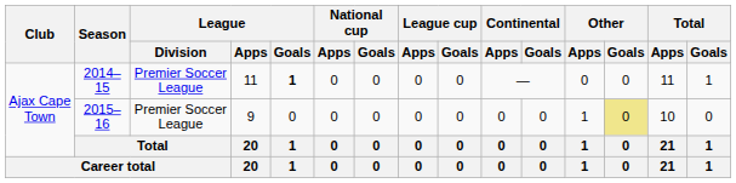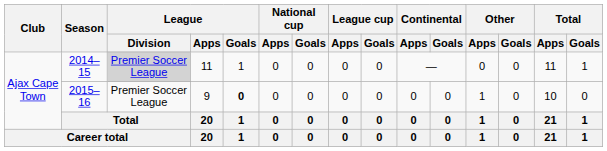 <table class="wikitable" style="text-align:center">
 <tr>
 <th rowspan="2">Club</th>
 <th rowspan="2">Season</th>
 <th colspan="3">League</th>
 <th colspan="2">National cup</th>
 <th colspan="2">League cup</th>
 <th colspan="2">Continental</th>
 <th colspan="2">Other</th>
 <th colspan="2">Total</th>
 </tr>
 <tr>
 <th>Division</th>
 <th>Apps</th>
 <th>Goals</th>
 <th>Apps</th>
 <th>Goals</th>
 <th>Apps</th>
 <th>Goals</th>
 <th>Apps</th>
 <th>Goals</th>
 <th>Apps</th>
 <th>Goals</th>
 <th>Apps</th>
 <th>Goals</th>
 </tr>
 <tr>
 <td rowspan="3"><a href='#'>Ajax Cape Town</a></td>
 <td><a href='#'>2014–15</a></td>
-<td><a href='#'>Premier Soccer League</a></td>
+<td style="background: lightgrey;"><a href='#'>Premier Soccer League</a></td>
 <td>11</td>
-<td><strong>1</strong></td>
+<td>1</td>
 <td>0</td>
 <td>0</td>
 <td>0</td>
 <td>0</td>
 <td colspan="2">—</td>
 <td>0</td>
 <td>0</td>
 <td>11</td>
 <td>1</td>
 </tr>
 <tr>
 <td><a href='#'>2015–16</a></td>
 <td>Premier Soccer League</td>
 <td>9</td>
-<td>0</td>
+<td><strong>0</strong></td>
 <td>0</td>
 <td>0</td>
 <td>0</td>
 <td>0</td>
 <td>0</td>
 <td>0</td>
 <td>1</td>
-<td style="background: khaki;">0</td>
+<td>0</td>
 <td>10</td>
 <td>0</td>
 </tr>
 <tr>
 <th colspan="2">Total</th>
 <th>20</th>
 <th>1</th>
 <th>0</th>
 <th>0</th>
 <th>0</th>
 <th>0</th>
 <th>0</th>
 <th>0</th>
 <th>1</th>
 <th>0</th>
 <th>21</th>
 <th>1</th>
 </tr>
 <tr>
 <th colspan="3">Career total</th>
 <th>20</th>
 <th>1</th>
 <th>0</th>
 <th>0</th>
 <th>0</th>
 <th>0</th>
 <th>0</th>
 <th>0</th>
 <th>1</th>
 <th>0</th>
 <th>21</th>
 <th>1</th>
 </tr>
 </table>
